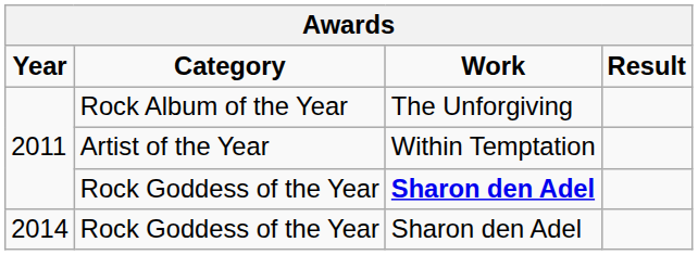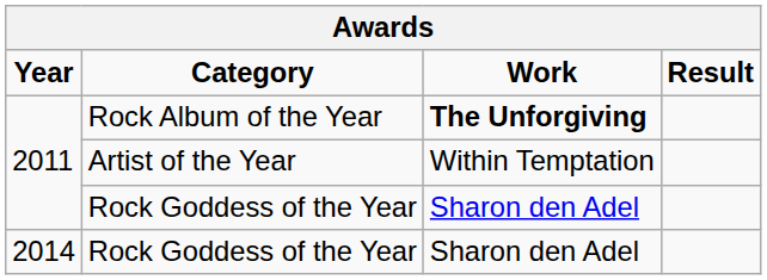 <table class="wikitable">
 <tr style="text-align:center;">
 <th colspan=5>Awards</th>
 </tr>
 <tr style="text-align:center;">
 <td><strong>Year</strong></td>
 <td><strong>Category</strong></td>
 <td><strong>Work</strong></td>
 <td><strong>Result</strong></td>
 </tr>
 <tr>
 <td rowspan="3">2011</td>
 <td>Rock Album of the Year</td>
-<td>The Unforgiving</td>
+<td><strong>The Unforgiving</strong></td>
 <td></td>
 </tr>
 <tr>
 <td>Artist of the Year</td>
 <td>Within Temptation</td>
 <td></td>
 </tr>
 <tr>
 <td>Rock Goddess of the Year</td>
-<td><strong><a href='#'>Sharon den Adel</a></strong></td>
+<td><a href='#'>Sharon den Adel</a></td>
 <td></td>
 </tr>
 <tr>
 <td>2014</td>
 <td>Rock Goddess of the Year</td>
 <td>Sharon den Adel</td>
 <td></td>
 </tr>
 </table>
